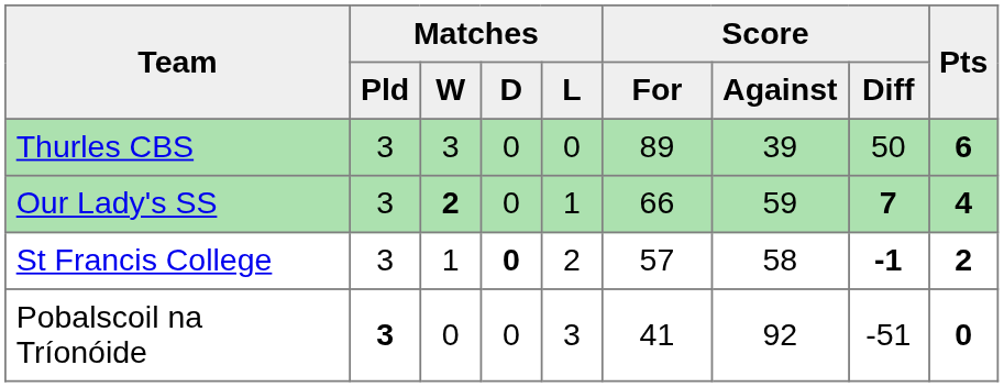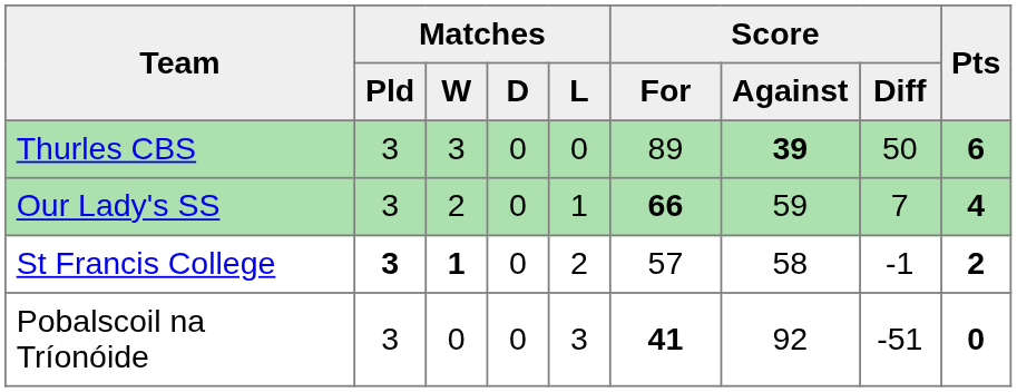 <table style=border-collapse:collapse border=1 cellspacing=0 cellpadding=5>
 <tr align=center bgcolor=#efefef>
 <th rowspan=2 width=165>Team</th>
 <th colspan=4>Matches</th>
 <th colspan=3>Score</th>
 <th rowspan=2width=20>Pts</th>
 </tr>
 <tr align=center bgcolor=#efefef>
 <th width=20>Pld</th>
 <th width=20>W</th>
 <th width=20>D</th>
 <th width=20>L</th>
 <th width=45>For</th>
 <th width=45>Against</th>
 <th width=30>Diff</th>
 </tr>
 <tr align=center style="background:#ACE1AF;">
 <td style="text-align:left;"><a href='#'>Thurles CBS</a></td>
 <td>3</td>
 <td>3</td>
 <td>0</td>
 <td>0</td>
 <td>89</td>
-<td>39</td>
+<td><strong>39</strong></td>
 <td>50</td>
 <td><strong>6</strong></td>
 </tr>
 <tr align=center style="background:#ACE1AF;">
 <td style="text-align:left;"><a href='#'>Our Lady's SS</a></td>
 <td>3</td>
-<td><strong>2</strong></td>
+<td>2</td>
 <td>0</td>
 <td>1</td>
-<td>66</td>
+<td><strong>66</strong></td>
 <td>59</td>
-<td><strong>7</strong></td>
+<td>7</td>
 <td><strong>4</strong></td>
 </tr>
 <tr align=center>
 <td style="text-align:left;"><a href='#'>St Francis College</a></td>
-<td>3</td>
-<td>1</td>
-<td><strong>0</strong></td>
+<td><strong>3</strong></td>
+<td><strong>1</strong></td>
+<td>0</td>
 <td>2</td>
 <td>57</td>
 <td>58</td>
-<td><strong>-1</strong></td>
+<td>-1</td>
 <td><strong>2</strong></td>
 </tr>
 <tr align=center>
 <td style="text-align:left;">Pobalscoil na Tríonóide</td>
-<td><strong>3</strong></td>
+<td>3</td>
 <td>0</td>
 <td>0</td>
 <td>3</td>
-<td>41</td>
+<td><strong>41</strong></td>
 <td>92</td>
 <td>-51</td>
 <td><strong>0</strong></td>
 </tr>
 </table>
